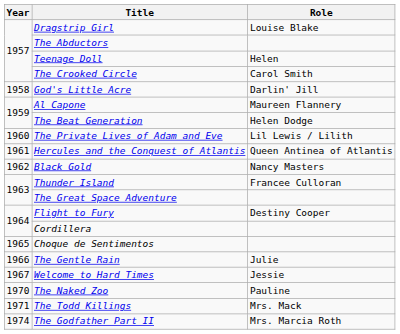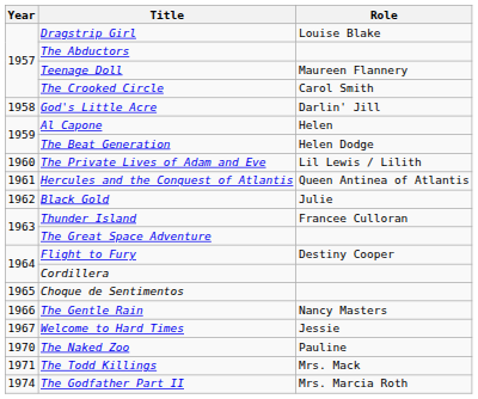 <table class="wikitable sortable">
 <tr>
 <th>Year</th>
 <th>Title</th>
 <th>Role</th>
 </tr>
 <tr>
 <td rowspan="4">1957</td>
 <td><em><a href='#'>Dragstrip Girl</a></em></td>
 <td>Louise Blake</td>
 </tr>
 <tr>
 <td><em><a href='#'>The Abductors</a></em></td>
 <td></td>
 </tr>
 <tr>
 <td><em><a href='#'>Teenage Doll</a></em></td>
-<td>Helen</td>
+<td>Maureen Flannery</td>
 </tr>
 <tr>
 <td><em><a href='#'>The Crooked Circle</a></em></td>
 <td>Carol Smith</td>
 </tr>
 <tr>
 <td>1958</td>
 <td><em><a href='#'>God's Little Acre</a></em></td>
 <td>Darlin' Jill</td>
 </tr>
 <tr>
 <td rowspan="2">1959</td>
 <td><em><a href='#'>Al Capone</a></em></td>
-<td>Maureen Flannery</td>
+<td>Helen</td>
 </tr>
 <tr>
 <td><em><a href='#'>The Beat Generation</a></em></td>
 <td>Helen Dodge</td>
 </tr>
 <tr>
 <td>1960</td>
 <td><em><a href='#'>The Private Lives of Adam and Eve</a></em></td>
 <td>Lil Lewis / Lilith</td>
 </tr>
 <tr>
 <td>1961</td>
 <td><em><a href='#'>Hercules and the Conquest of Atlantis</a></em></td>
 <td>Queen Antinea of Atlantis</td>
 </tr>
 <tr>
 <td>1962</td>
 <td><em><a href='#'>Black Gold</a></em></td>
-<td>Nancy Masters</td>
+<td>Julie</td>
 </tr>
 <tr>
 <td rowspan="2">1963</td>
 <td><em><a href='#'>Thunder Island</a></em></td>
 <td>Francee Culloran</td>
 </tr>
 <tr>
 <td><em><a href='#'>The Great Space Adventure</a></em></td>
 <td></td>
 </tr>
 <tr>
 <td rowspan="2">1964</td>
 <td><em><a href='#'>Flight to Fury</a></em></td>
 <td>Destiny Cooper</td>
 </tr>
 <tr>
 <td><em>Cordillera</em></td>
 <td></td>
 </tr>
 <tr>
 <td>1965</td>
 <td><em>Choque de Sentimentos</em></td>
 <td></td>
 </tr>
 <tr>
 <td>1966</td>
 <td><em><a href='#'>The Gentle Rain</a></em></td>
-<td>Julie</td>
+<td>Nancy Masters</td>
 </tr>
 <tr>
 <td>1967</td>
 <td><em><a href='#'>Welcome to Hard Times</a></em></td>
 <td>Jessie</td>
 </tr>
 <tr>
 <td>1970</td>
 <td><em><a href='#'>The Naked Zoo</a></em></td>
 <td>Pauline</td>
 </tr>
 <tr>
 <td>1971</td>
 <td><em><a href='#'>The Todd Killings</a></em></td>
 <td>Mrs. Mack</td>
 </tr>
 <tr>
 <td>1974</td>
 <td><em><a href='#'>The Godfather Part II</a></em></td>
 <td>Mrs. Marcia Roth</td>
 </tr>
 </table>
